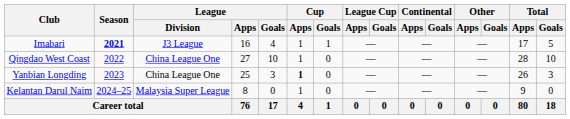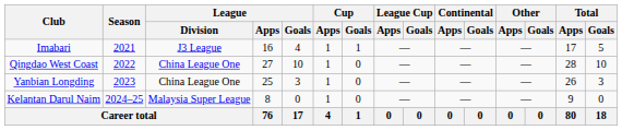 <table class="wikitable" style="text-align: center;">
 <tr>
 <th rowspan="2">Club</th>
 <th rowspan="2">Season</th>
 <th colspan="3">League</th>
 <th colspan="2">Cup</th>
 <th colspan="2">League Cup</th>
 <th colspan="2">Continental</th>
 <th colspan="2">Other</th>
 <th colspan="2">Total</th>
 </tr>
 <tr>
 <th>Division</th>
 <th>Apps</th>
 <th>Goals</th>
 <th>Apps</th>
 <th>Goals</th>
 <th>Apps</th>
 <th>Goals</th>
 <th>Apps</th>
 <th>Goals</th>
 <th>Apps</th>
 <th>Goals</th>
 <th>Apps</th>
 <th>Goals</th>
 </tr>
 <tr>
 <td><a href='#'>Imabari</a></td>
-<td><strong><a href='#'>2021</a></strong></td>
+<td><a href='#'>2021</a></td>
 <td><a href='#'>J3 League</a></td>
 <td>16</td>
 <td>4</td>
 <td>1</td>
 <td>1</td>
 <td colspan="2">—</td>
 <td colspan="2">—</td>
 <td colspan="2">—</td>
 <td>17</td>
 <td>5</td>
 </tr>
 <tr>
 <td><a href='#'>Qingdao West Coast</a></td>
 <td><a href='#'>2022</a></td>
 <td><a href='#'>China League One</a></td>
 <td>27</td>
 <td>10</td>
 <td>1</td>
 <td>0</td>
 <td colspan="2">—</td>
 <td colspan="2">—</td>
 <td colspan="2">—</td>
 <td>28</td>
 <td>10</td>
 </tr>
 <tr>
 <td><a href='#'>Yanbian Longding</a></td>
 <td><a href='#'>2023</a></td>
 <td>China League One</td>
 <td>25</td>
 <td>3</td>
-<td><strong>1</strong></td>
+<td>1</td>
 <td>0</td>
 <td colspan="2">—</td>
 <td colspan="2">—</td>
 <td colspan="2">—</td>
 <td>26</td>
 <td>3</td>
 </tr>
 <tr>
 <td><a href='#'>Kelantan Darul Naim</a></td>
 <td><a href='#'>2024–25</a></td>
 <td><a href='#'>Malaysia Super League</a></td>
 <td>8</td>
 <td>0</td>
 <td>1</td>
 <td>0</td>
 <td colspan="2">—</td>
 <td colspan="2">—</td>
 <td colspan="2">—</td>
 <td>9</td>
 <td>0</td>
 </tr>
 <tr>
 <th colspan="3"><strong>Career total</strong></th>
 <th>76</th>
 <th>17</th>
 <th>4</th>
 <th>1</th>
 <th>0</th>
 <th>0</th>
 <th>0</th>
 <th>0</th>
 <th>0</th>
 <th>0</th>
 <th>80</th>
 <th>18</th>
 </tr>
 </table>
